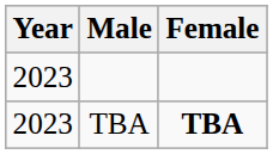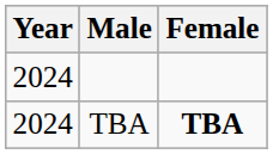 <table class=wikitable style="text-align:center;">
 <tr>
 <th>Year</th>
 <th>Male</th>
 <th>Female</th>
 </tr>
 <tr>
-<td>2023</td>
+<td>2024</td>
 <td></td>
 <td></td>
 </tr>
 <tr>
-<td>2023</td>
+<td>2024</td>
 <td>TBA</td>
 <td><strong>TBA</strong></td>
 </tr>
 </table>
